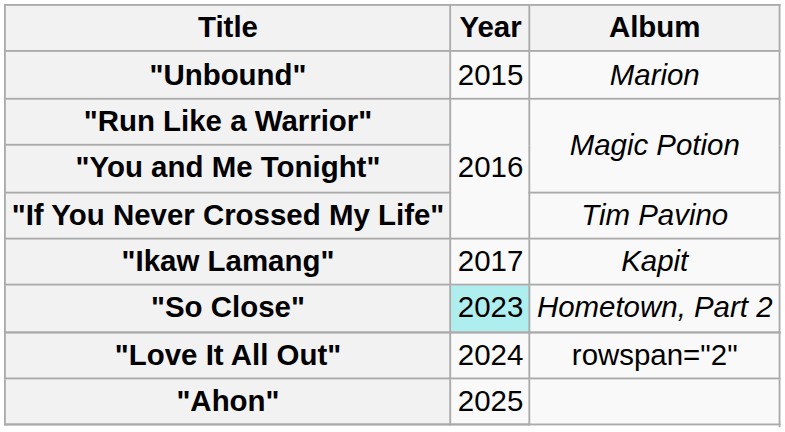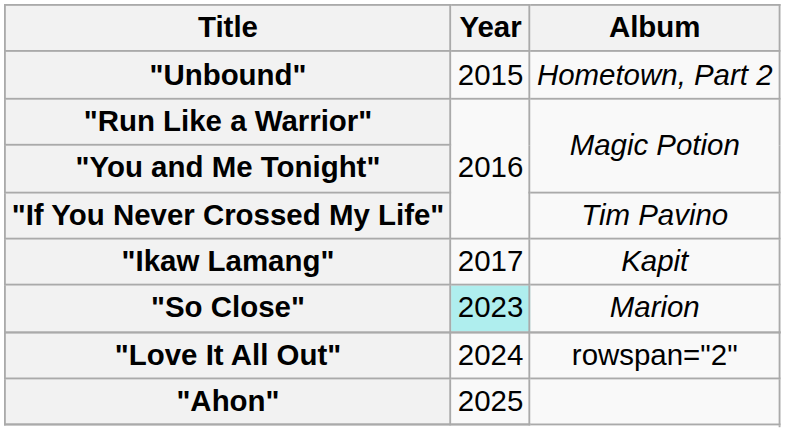 <table class="wikitable plainrowheaders" style="text-align:center;">
 <tr>
 <th scope="col">Title</th>
 <th scope="col">Year</th>
 <th scope="col">Album</th>
 </tr>
 <tr>
 <th scope="row">"Unbound"<br></th>
 <td>2015</td>
-<td><em>Marion</em></td>
+<td><em>Hometown, Part 2</em></td>
 </tr>
 <tr>
 <th scope="row">"Run Like a Warrior"<br></th>
 <td rowspan="3">2016</td>
 <td rowspan="2"><em>Magic Potion</em></td>
 </tr>
 <tr>
 <th scope="row">"You and Me Tonight"<br></th>
 </tr>
 <tr>
 <th scope="row">"If You Never Crossed My Life"<br></th>
 <td><em>Tim Pavino</em></td>
 </tr>
 <tr>
 <th scope="row">"Ikaw Lamang"<br></th>
 <td>2017</td>
 <td><em>Kapit</em></td>
 </tr>
 <tr>
 <th scope="row">"So Close"<br></th>
 <td style="background: paleturquoise;">2023</td>
-<td><em>Hometown, Part 2</em></td>
+<td><em>Marion</em></td>
 </tr>
 <tr>
 </tr>
 <tr>
 <th scope="row">"Love It All Out"<br></th>
 <td>2024</td>
 <td>rowspan="2" </td>
 </tr>
 <tr>
 <th scope="row">"Ahon"<br></th>
 <td>2025</td>
 </tr>
 <tr>
 </tr>
 </table>
